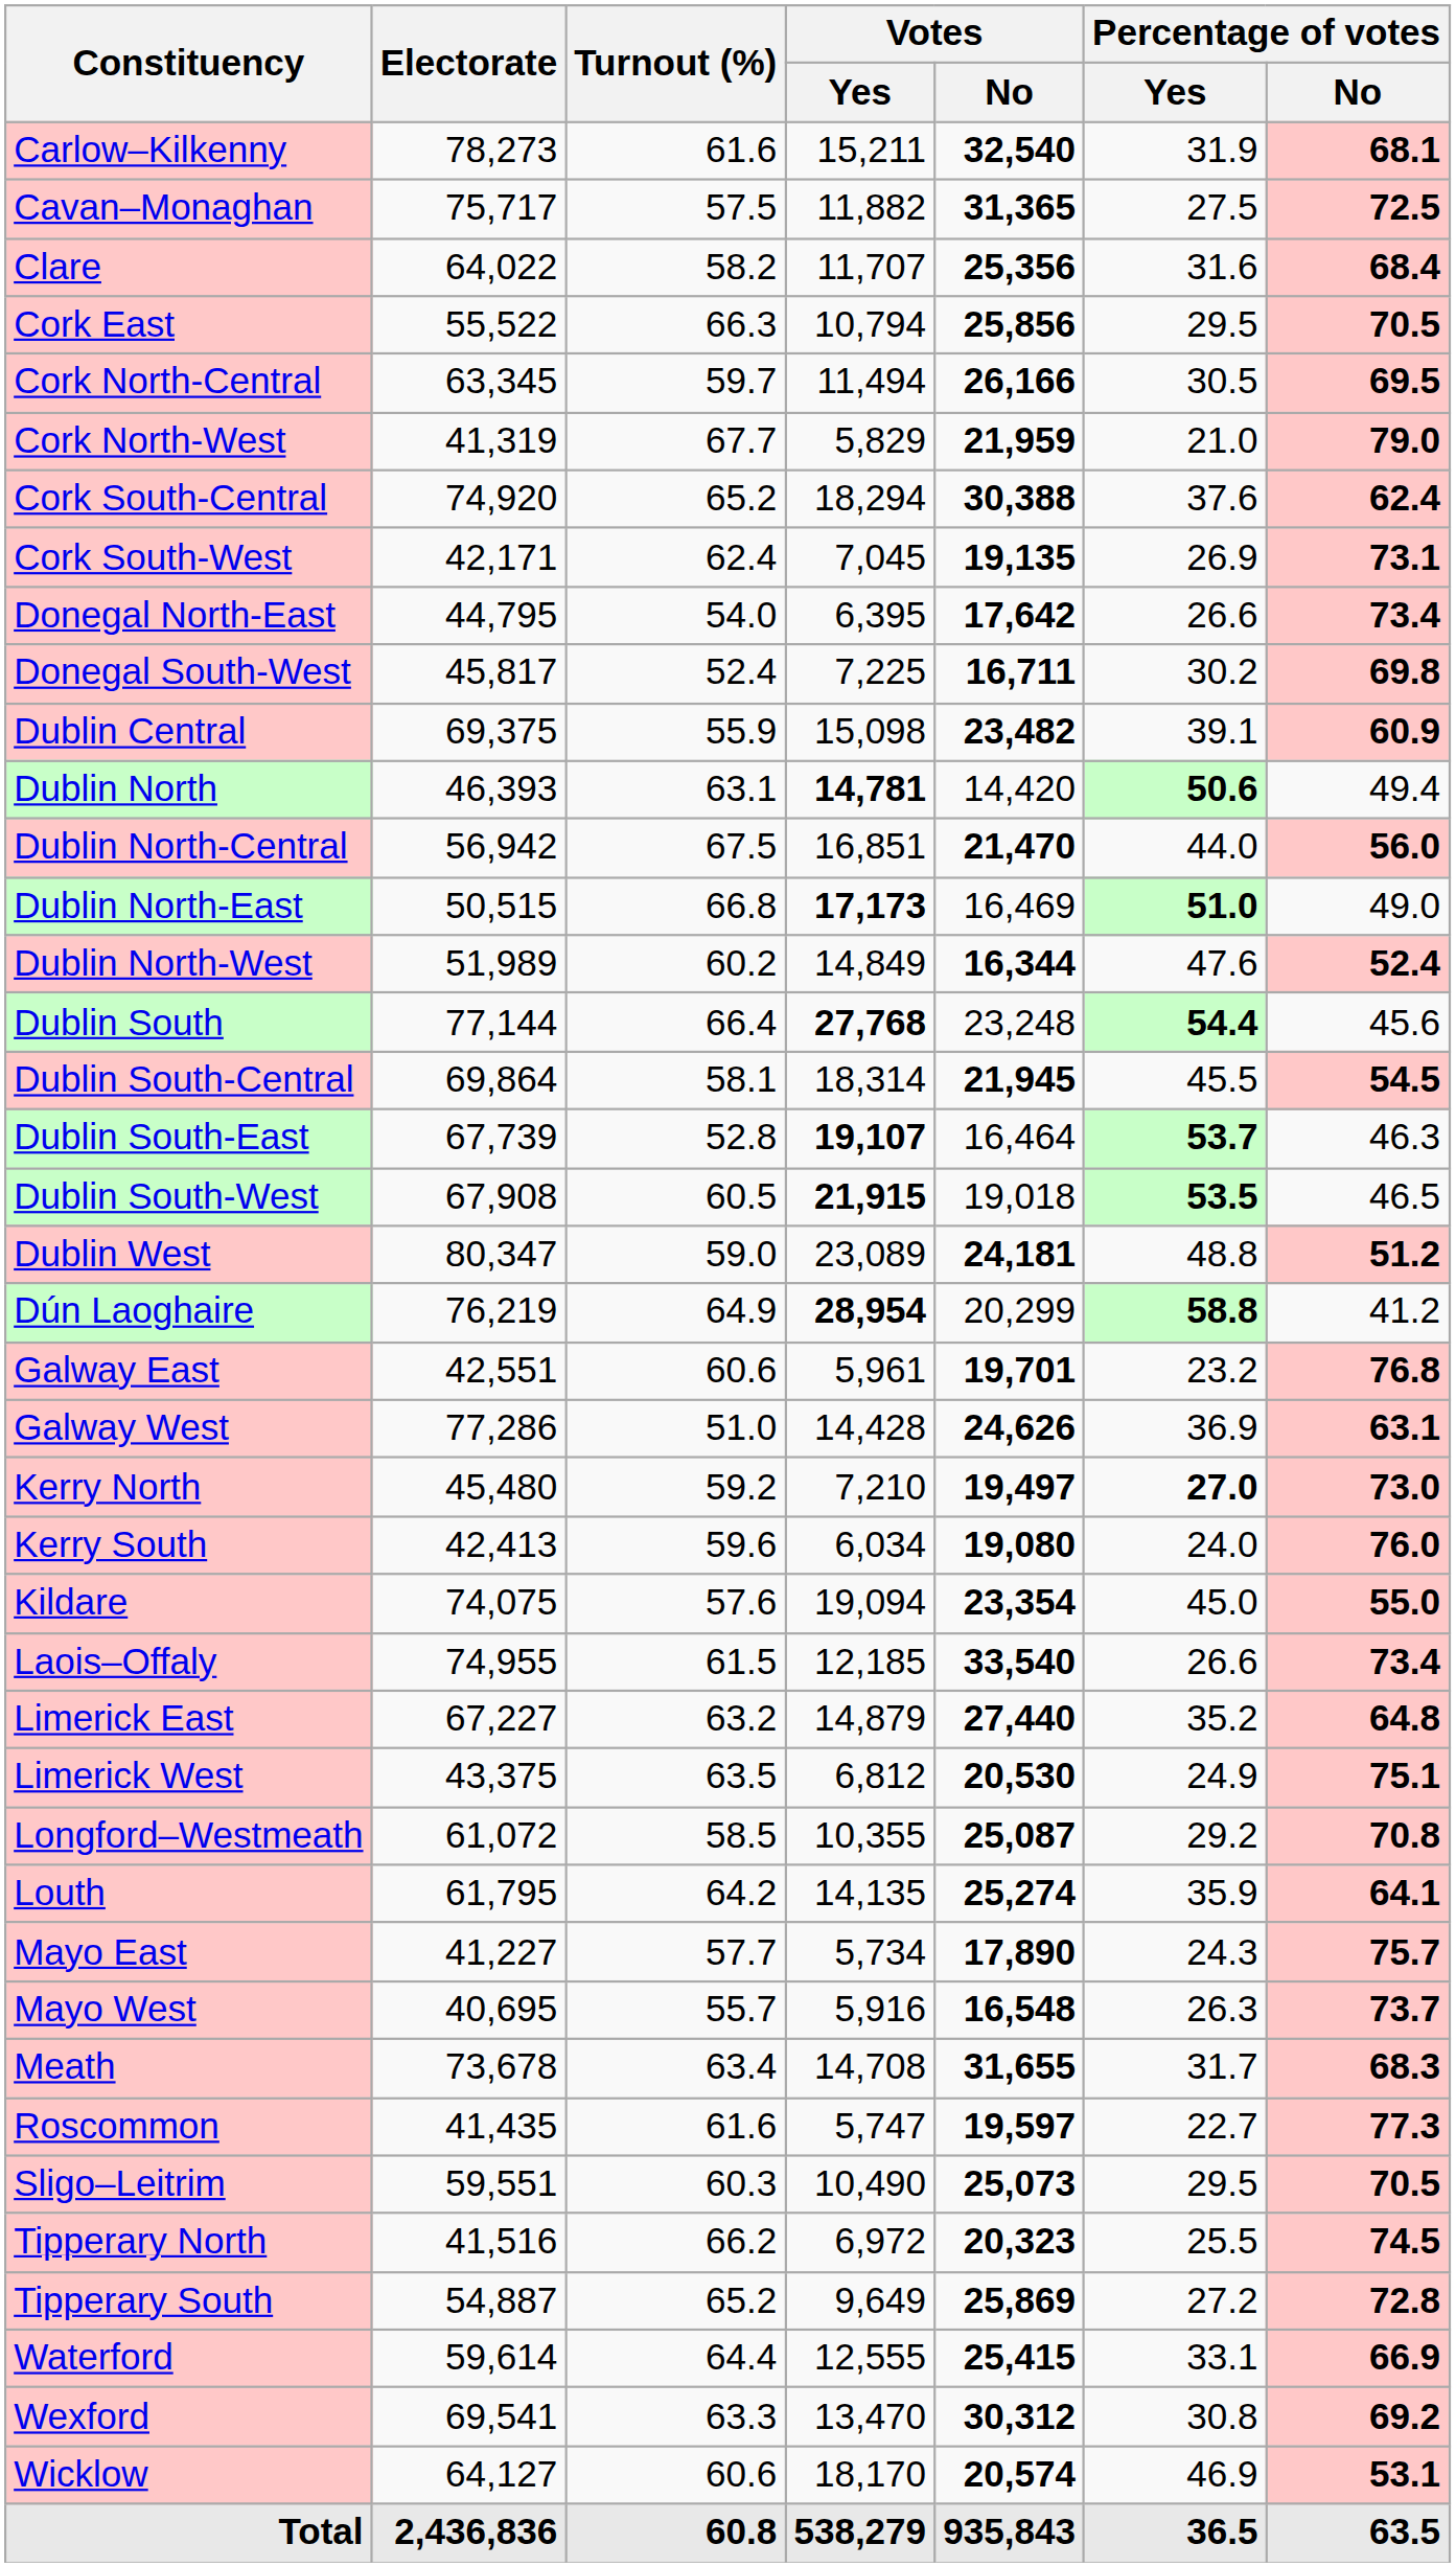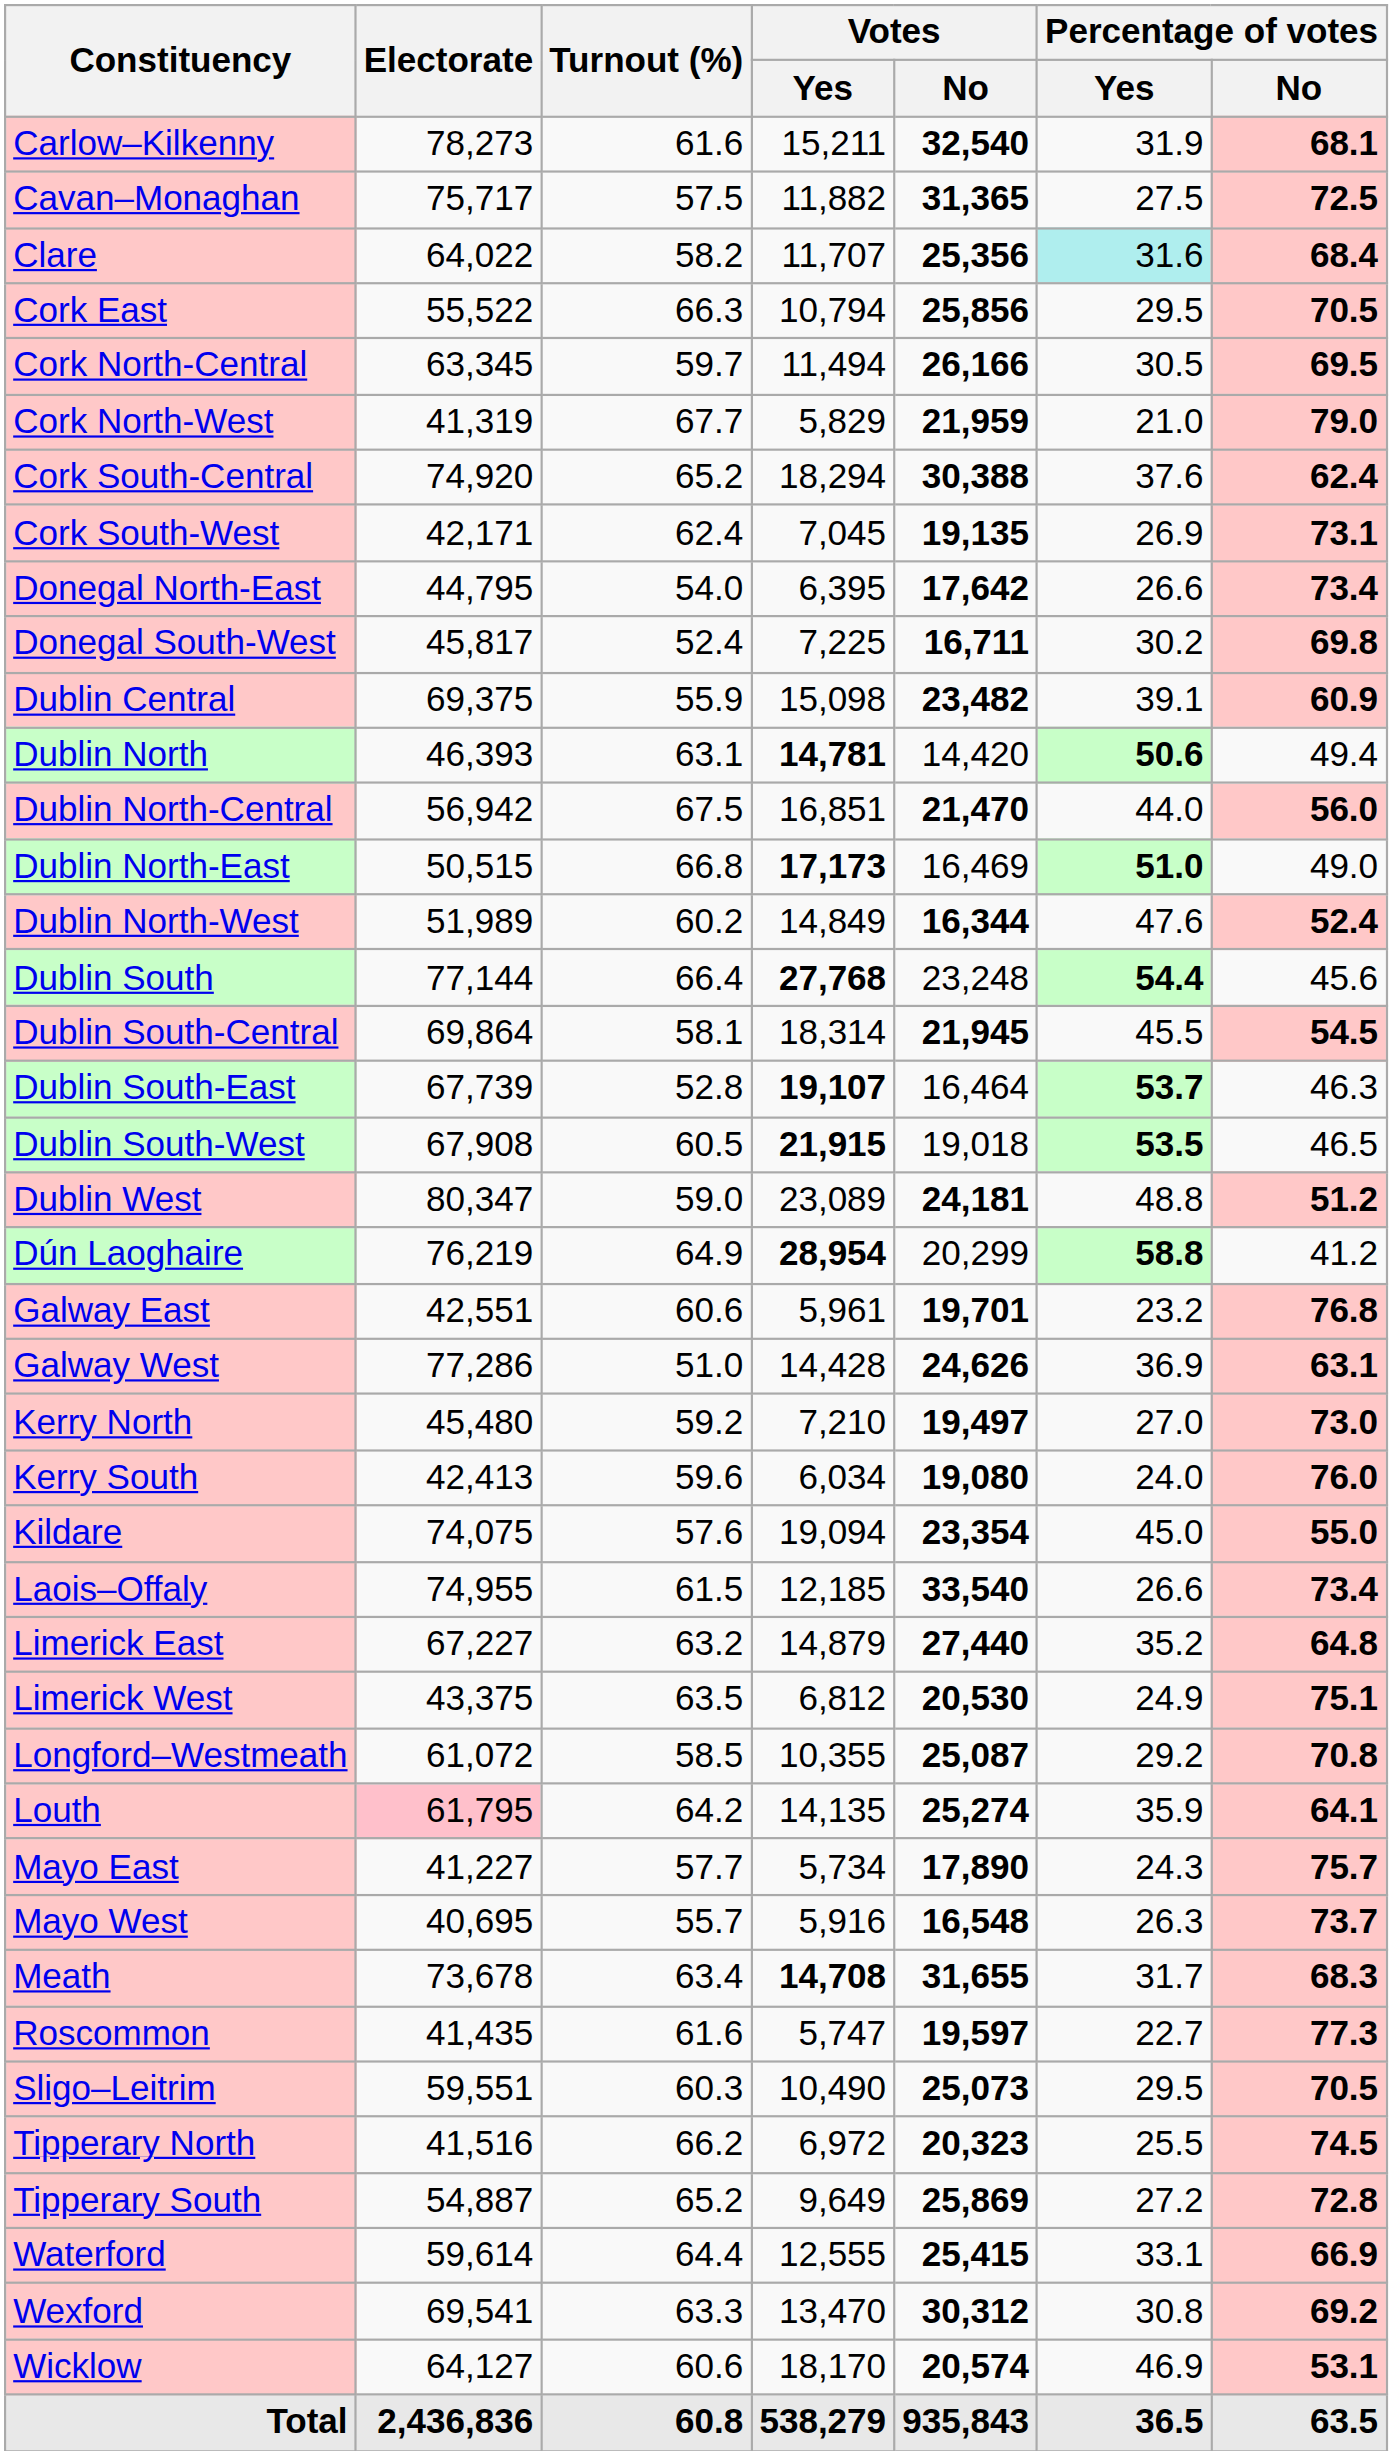 <table class="wikitable sortable"  style="text-align: right;">
 <tr>
 <th rowspan=2>Constituency</th>
 <th rowspan=2>Electorate</th>
 <th rowspan=2>Turnout (%)</th>
 <th colspan=2>Votes</th>
 <th colspan=2>Percentage of votes</th>
 </tr>
 <tr>
 <th>Yes</th>
 <th>No</th>
 <th>Yes</th>
 <th>No</th>
 </tr>
 <tr>
 <td style="background:#ffc8c8; text-align: left;"><a href='#'>Carlow–Kilkenny</a></td>
 <td>78,273</td>
 <td>61.6</td>
 <td>15,211</td>
 <td><strong>32,540</strong></td>
 <td>31.9</td>
 <td style="background:#ffc8c8;"><strong>68.1</strong></td>
 </tr>
 <tr>
 <td style="background:#ffc8c8; text-align: left;"><a href='#'>Cavan–Monaghan</a></td>
 <td>75,717</td>
 <td>57.5</td>
 <td>11,882</td>
 <td><strong>31,365</strong></td>
 <td>27.5</td>
 <td style="background:#ffc8c8;"><strong>72.5</strong></td>
 </tr>
 <tr>
 <td style="background:#ffc8c8; text-align: left;"><a href='#'>Clare</a></td>
 <td>64,022</td>
 <td>58.2</td>
 <td>11,707</td>
 <td><strong>25,356</strong></td>
-<td>31.6</td>
+<td style="background: paleturquoise;">31.6</td>
 <td style="background:#ffc8c8;"><strong>68.4</strong></td>
 </tr>
 <tr>
 <td style="background:#ffc8c8; text-align: left;"><a href='#'>Cork East</a></td>
 <td>55,522</td>
 <td>66.3</td>
 <td>10,794</td>
 <td><strong>25,856</strong></td>
 <td>29.5</td>
 <td style="background:#ffc8c8;"><strong>70.5</strong></td>
 </tr>
 <tr>
 <td style="background:#ffc8c8; text-align: left;"><a href='#'>Cork North-Central</a></td>
 <td>63,345</td>
 <td>59.7</td>
 <td>11,494</td>
 <td><strong>26,166</strong></td>
 <td>30.5</td>
 <td style="background:#ffc8c8;"><strong>69.5</strong></td>
 </tr>
 <tr>
 <td style="background:#ffc8c8; text-align: left;"><a href='#'>Cork North-West</a></td>
 <td>41,319</td>
 <td>67.7</td>
 <td>5,829</td>
 <td><strong>21,959</strong></td>
 <td>21.0</td>
 <td style="background:#ffc8c8;"><strong>79.0</strong></td>
 </tr>
 <tr>
 <td style="background:#ffc8c8; text-align: left;"><a href='#'>Cork South-Central</a></td>
 <td>74,920</td>
 <td>65.2</td>
 <td>18,294</td>
 <td><strong>30,388</strong></td>
 <td>37.6</td>
 <td style="background:#ffc8c8;"><strong>62.4</strong></td>
 </tr>
 <tr>
 <td style="background:#ffc8c8; text-align: left;"><a href='#'>Cork South-West</a></td>
 <td>42,171</td>
 <td>62.4</td>
 <td>7,045</td>
 <td><strong>19,135</strong></td>
 <td>26.9</td>
 <td style="background:#ffc8c8;"><strong>73.1</strong></td>
 </tr>
 <tr>
 <td style="background:#ffc8c8; text-align: left;"><a href='#'>Donegal North-East</a></td>
 <td>44,795</td>
 <td>54.0</td>
 <td>6,395</td>
 <td><strong>17,642</strong></td>
 <td>26.6</td>
 <td style="background:#ffc8c8;"><strong>73.4</strong></td>
 </tr>
 <tr>
 <td style="background:#ffc8c8; text-align: left;"><a href='#'>Donegal South-West</a></td>
 <td>45,817</td>
 <td>52.4</td>
 <td>7,225</td>
 <td><strong>16,711</strong></td>
 <td>30.2</td>
 <td style="background:#ffc8c8;"><strong>69.8</strong></td>
 </tr>
 <tr>
 <td style="background:#ffc8c8; text-align: left;"><a href='#'>Dublin Central</a></td>
 <td>69,375</td>
 <td>55.9</td>
 <td>15,098</td>
 <td><strong>23,482</strong></td>
 <td>39.1</td>
 <td style="background:#ffc8c8;"><strong>60.9</strong></td>
 </tr>
 <tr>
 <td style="background:#c8ffc8; text-align: left;"><a href='#'>Dublin North</a></td>
 <td>46,393</td>
 <td>63.1</td>
 <td><strong>14,781</strong></td>
 <td>14,420</td>
 <td style="background:#c8ffc8;"><strong>50.6</strong></td>
 <td>49.4</td>
 </tr>
 <tr>
 <td style="background:#ffc8c8; text-align: left;"><a href='#'>Dublin North-Central</a></td>
 <td>56,942</td>
 <td>67.5</td>
 <td>16,851</td>
 <td><strong>21,470</strong></td>
 <td>44.0</td>
 <td style="background:#ffc8c8;"><strong>56.0</strong></td>
 </tr>
 <tr>
 <td style="background:#c8ffc8; text-align: left;"><a href='#'>Dublin North-East</a></td>
 <td>50,515</td>
 <td>66.8</td>
 <td><strong>17,173</strong></td>
 <td>16,469</td>
 <td style="background:#c8ffc8;"><strong>51.0</strong></td>
 <td>49.0</td>
 </tr>
 <tr>
 <td style="background:#ffc8c8; text-align: left;"><a href='#'>Dublin North-West</a></td>
 <td>51,989</td>
 <td>60.2</td>
 <td>14,849</td>
 <td><strong>16,344</strong></td>
 <td>47.6</td>
 <td style="background:#ffc8c8;"><strong>52.4</strong></td>
 </tr>
 <tr>
 <td style="background:#c8ffc8; text-align: left;"><a href='#'>Dublin South</a></td>
 <td>77,144</td>
 <td>66.4</td>
 <td><strong>27,768</strong></td>
 <td>23,248</td>
 <td style="background:#c8ffc8;"><strong>54.4</strong></td>
 <td>45.6</td>
 </tr>
 <tr>
 <td style="background:#ffc8c8; text-align: left;"><a href='#'>Dublin South-Central</a></td>
 <td>69,864</td>
 <td>58.1</td>
 <td>18,314</td>
 <td><strong>21,945</strong></td>
 <td>45.5</td>
 <td style="background:#ffc8c8;"><strong>54.5</strong></td>
 </tr>
 <tr>
 <td style="background:#c8ffc8; text-align: left;"><a href='#'>Dublin South-East</a></td>
 <td>67,739</td>
 <td>52.8</td>
 <td><strong>19,107</strong></td>
 <td>16,464</td>
 <td style="background:#c8ffc8;"><strong>53.7</strong></td>
 <td>46.3</td>
 </tr>
 <tr>
 <td style="background:#c8ffc8; text-align: left;"><a href='#'>Dublin South-West</a></td>
 <td>67,908</td>
 <td>60.5</td>
 <td><strong>21,915</strong></td>
 <td>19,018</td>
 <td style="background:#c8ffc8;"><strong>53.5</strong></td>
 <td>46.5</td>
 </tr>
 <tr>
 <td style="background:#ffc8c8; text-align: left;"><a href='#'>Dublin West</a></td>
 <td>80,347</td>
 <td>59.0</td>
 <td>23,089</td>
 <td><strong>24,181</strong></td>
 <td>48.8</td>
 <td style="background:#ffc8c8;"><strong>51.2</strong></td>
 </tr>
 <tr>
 <td style="background:#c8ffc8; text-align: left;"><a href='#'>Dún Laoghaire</a></td>
 <td>76,219</td>
 <td>64.9</td>
 <td><strong>28,954</strong></td>
 <td>20,299</td>
 <td style="background:#c8ffc8;"><strong>58.8</strong></td>
 <td>41.2</td>
 </tr>
 <tr>
 <td style="background:#ffc8c8; text-align: left;"><a href='#'>Galway East</a></td>
 <td>42,551</td>
 <td>60.6</td>
 <td>5,961</td>
 <td><strong>19,701</strong></td>
 <td>23.2</td>
 <td style="background:#ffc8c8;"><strong>76.8</strong></td>
 </tr>
 <tr>
 <td style="background:#ffc8c8; text-align: left;"><a href='#'>Galway West</a></td>
 <td>77,286</td>
 <td>51.0</td>
 <td>14,428</td>
 <td><strong>24,626</strong></td>
 <td>36.9</td>
 <td style="background:#ffc8c8;"><strong>63.1</strong></td>
 </tr>
 <tr>
 <td style="background:#ffc8c8; text-align: left;"><a href='#'>Kerry North</a></td>
 <td>45,480</td>
 <td>59.2</td>
 <td>7,210</td>
 <td><strong>19,497</strong></td>
-<td><strong>27.0</strong></td>
+<td>27.0</td>
 <td style="background:#ffc8c8;"><strong>73.0</strong></td>
 </tr>
 <tr>
 <td style="background:#ffc8c8; text-align: left;"><a href='#'>Kerry South</a></td>
 <td>42,413</td>
 <td>59.6</td>
 <td>6,034</td>
 <td><strong>19,080</strong></td>
 <td>24.0</td>
 <td style="background:#ffc8c8;"><strong>76.0</strong></td>
 </tr>
 <tr>
 <td style="background:#ffc8c8; text-align: left;"><a href='#'>Kildare</a></td>
 <td>74,075</td>
 <td>57.6</td>
 <td>19,094</td>
 <td><strong>23,354</strong></td>
 <td>45.0</td>
 <td style="background:#ffc8c8;"><strong>55.0</strong></td>
 </tr>
 <tr>
 <td style="background:#ffc8c8; text-align: left;"><a href='#'>Laois–Offaly</a></td>
 <td>74,955</td>
 <td>61.5</td>
 <td>12,185</td>
 <td><strong>33,540</strong></td>
 <td>26.6</td>
 <td style="background:#ffc8c8;"><strong>73.4</strong></td>
 </tr>
 <tr>
 <td style="background:#ffc8c8; text-align: left;"><a href='#'>Limerick East</a></td>
 <td>67,227</td>
 <td>63.2</td>
 <td>14,879</td>
 <td><strong>27,440</strong></td>
 <td>35.2</td>
 <td style="background:#ffc8c8;"><strong>64.8</strong></td>
 </tr>
 <tr>
 <td style="background:#ffc8c8; text-align: left;"><a href='#'>Limerick West</a></td>
 <td>43,375</td>
 <td>63.5</td>
 <td>6,812</td>
 <td><strong>20,530</strong></td>
 <td>24.9</td>
 <td style="background:#ffc8c8;"><strong>75.1</strong></td>
 </tr>
 <tr>
 <td style="background:#ffc8c8; text-align: left;"><a href='#'>Longford–Westmeath</a></td>
 <td>61,072</td>
 <td>58.5</td>
 <td>10,355</td>
 <td><strong>25,087</strong></td>
 <td>29.2</td>
 <td style="background:#ffc8c8;"><strong>70.8</strong></td>
 </tr>
 <tr>
 <td style="background:#ffc8c8; text-align: left;"><a href='#'>Louth</a></td>
-<td>61,795</td>
+<td style="background: pink;">61,795</td>
 <td>64.2</td>
 <td>14,135</td>
 <td><strong>25,274</strong></td>
 <td>35.9</td>
 <td style="background:#ffc8c8;"><strong>64.1</strong></td>
 </tr>
 <tr>
 <td style="background:#ffc8c8; text-align: left;"><a href='#'>Mayo East</a></td>
 <td>41,227</td>
 <td>57.7</td>
 <td>5,734</td>
 <td><strong>17,890</strong></td>
 <td>24.3</td>
 <td style="background:#ffc8c8;"><strong>75.7</strong></td>
 </tr>
 <tr>
 <td style="background:#ffc8c8; text-align: left;"><a href='#'>Mayo West</a></td>
 <td>40,695</td>
 <td>55.7</td>
 <td>5,916</td>
 <td><strong>16,548</strong></td>
 <td>26.3</td>
 <td style="background:#ffc8c8;"><strong>73.7</strong></td>
 </tr>
 <tr>
 <td style="background:#ffc8c8; text-align: left;"><a href='#'>Meath</a></td>
 <td>73,678</td>
 <td>63.4</td>
-<td>14,708</td>
+<td><strong>14,708</strong></td>
 <td><strong>31,655</strong></td>
 <td>31.7</td>
 <td style="background:#ffc8c8;"><strong>68.3</strong></td>
 </tr>
 <tr>
 <td style="background:#ffc8c8; text-align: left;"><a href='#'>Roscommon</a></td>
 <td>41,435</td>
 <td>61.6</td>
 <td>5,747</td>
 <td><strong>19,597</strong></td>
 <td>22.7</td>
 <td style="background:#ffc8c8;"><strong>77.3</strong></td>
 </tr>
 <tr>
 <td style="background:#ffc8c8; text-align: left;"><a href='#'>Sligo–Leitrim</a></td>
 <td>59,551</td>
 <td>60.3</td>
 <td>10,490</td>
 <td><strong>25,073</strong></td>
 <td>29.5</td>
 <td style="background:#ffc8c8;"><strong>70.5</strong></td>
 </tr>
 <tr>
 <td style="background:#ffc8c8; text-align: left;"><a href='#'>Tipperary North</a></td>
 <td>41,516</td>
 <td>66.2</td>
 <td>6,972</td>
 <td><strong>20,323</strong></td>
 <td>25.5</td>
 <td style="background:#ffc8c8;"><strong>74.5</strong></td>
 </tr>
 <tr>
 <td style="background:#ffc8c8; text-align: left;"><a href='#'>Tipperary South</a></td>
 <td>54,887</td>
 <td>65.2</td>
 <td>9,649</td>
 <td><strong>25,869</strong></td>
 <td>27.2</td>
 <td style="background:#ffc8c8;"><strong>72.8</strong></td>
 </tr>
 <tr>
 <td style="background:#ffc8c8; text-align: left;"><a href='#'>Waterford</a></td>
 <td>59,614</td>
 <td>64.4</td>
 <td>12,555</td>
 <td><strong>25,415</strong></td>
 <td>33.1</td>
 <td style="background:#ffc8c8;"><strong>66.9</strong></td>
 </tr>
 <tr>
 <td style="background:#ffc8c8; text-align: left;"><a href='#'>Wexford</a></td>
 <td>69,541</td>
 <td>63.3</td>
 <td>13,470</td>
 <td><strong>30,312</strong></td>
 <td>30.8</td>
 <td style="background:#ffc8c8;"><strong>69.2</strong></td>
 </tr>
 <tr>
 <td style="background:#ffc8c8; text-align: left;"><a href='#'>Wicklow</a></td>
 <td>64,127</td>
 <td>60.6</td>
 <td>18,170</td>
 <td><strong>20,574</strong></td>
 <td>46.9</td>
 <td style="background:#ffc8c8;"><strong>53.1</strong></td>
 </tr>
 <tr class="sortbottom" style="font-weight:bold; background:rgb(232,232,232);">
 <td>Total</td>
 <td>2,436,836</td>
 <td>60.8</td>
 <td>538,279</td>
 <td>935,843</td>
 <td>36.5</td>
 <td>63.5</td>
 </tr>
 </table>
